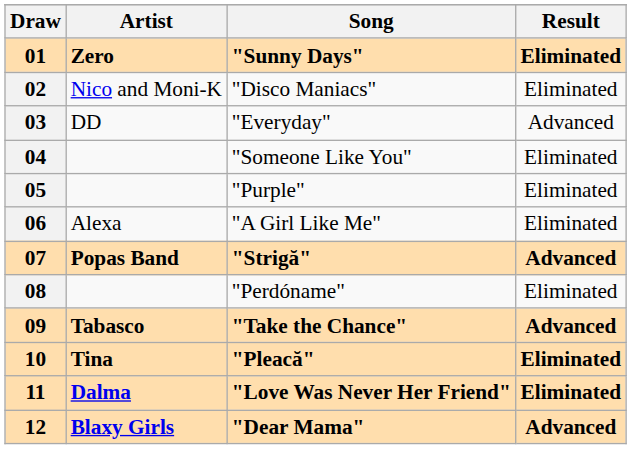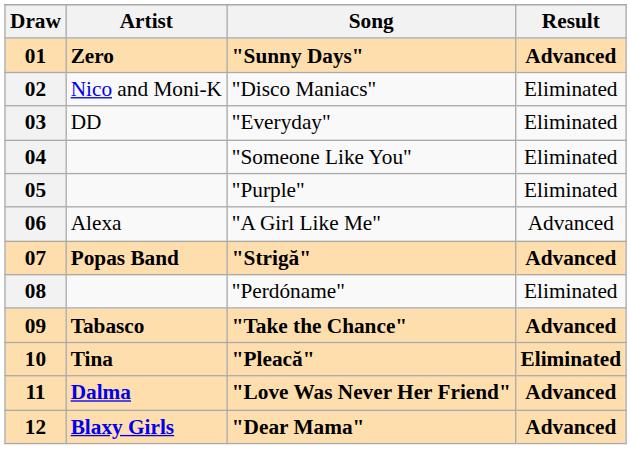 <table class="wikitable sortable plainrowheaders" style="margin: 1em auto 1em auto; text-align:center">
 <tr>
 </tr>
 <tr>
 <th scope="col">Draw</th>
 <th scope="col">Artist</th>
 <th scope="col">Song</th>
 <th scope="col">Result</th>
 </tr>
 <tr style="font-weight:bold; background:navajowhite;">
 <th scope="row" style="text-align:center; font-weight:bold; background:navajowhite;">01</th>
 <td style="text-align:left;">Zero</td>
 <td style="text-align:left;">"Sunny Days"</td>
-<td>Eliminated</td>
+<td>Advanced</td>
 </tr>
 <tr>
 <th scope="row" style="text-align:center;">02</th>
 <td style="text-align:left;"><a href='#'>Nico</a> and Moni-K</td>
 <td style="text-align:left;">"Disco Maniacs"</td>
 <td>Eliminated</td>
 </tr>
 <tr>
 <th scope="row" style="text-align:center;">03</th>
 <td style="text-align:left;">DD</td>
 <td style="text-align:left;">"Everyday"</td>
-<td>Advanced</td>
+<td>Eliminated</td>
 </tr>
 <tr>
 <th scope="row" style="text-align:center;">04</th>
 <td style="text-align:left;"></td>
 <td style="text-align:left;">"Someone Like You"</td>
 <td>Eliminated</td>
 </tr>
 <tr>
 <th scope="row" style="text-align:center;">05</th>
 <td style="text-align:left;"></td>
 <td style="text-align:left;">"Purple"</td>
 <td>Eliminated</td>
 </tr>
 <tr>
 <th scope="row" style="text-align:center;">06</th>
 <td style="text-align:left;">Alexa</td>
 <td style="text-align:left;">"A Girl Like Me"</td>
-<td>Eliminated</td>
+<td>Advanced</td>
 </tr>
 <tr style="font-weight:bold; background:navajowhite;">
 <th scope="row" style="text-align:center; font-weight:bold; background:navajowhite;">07</th>
 <td style="text-align:left;">Popas Band</td>
 <td style="text-align:left;">"Strigă"</td>
 <td>Advanced</td>
 </tr>
 <tr>
 <th scope="row" style="text-align:center;">08</th>
 <td style="text-align:left;"></td>
 <td style="text-align:left;">"Perdóname"</td>
 <td>Eliminated</td>
 </tr>
 <tr style="font-weight:bold; background:navajowhite;">
 <th scope="row" style="text-align:center; font-weight:bold; background:navajowhite;">09</th>
 <td style="text-align:left;">Tabasco</td>
 <td style="text-align:left;">"Take the Chance"</td>
 <td>Advanced</td>
 </tr>
 <tr style="font-weight:bold; background:navajowhite;">
 <th scope="row" style="text-align:center; font-weight:bold; background:navajowhite;">10</th>
 <td style="text-align:left;">Tina</td>
 <td style="text-align:left;">"Pleacă"</td>
 <td>Eliminated</td>
 </tr>
 <tr style="font-weight:bold; background:navajowhite;">
 <th scope="row" style="text-align:center; font-weight:bold; background:navajowhite;">11</th>
 <td style="text-align:left;"><a href='#'>Dalma</a></td>
 <td style="text-align:left;">"Love Was Never Her Friend"</td>
-<td>Eliminated</td>
+<td>Advanced</td>
 </tr>
 <tr style="font-weight:bold; background:navajowhite;">
 <th scope="row" style="text-align:center; font-weight:bold; background:navajowhite;">12</th>
 <td style="text-align:left;"><a href='#'>Blaxy Girls</a></td>
 <td style="text-align:left;">"Dear Mama"</td>
 <td>Advanced</td>
 </tr>
 </table>
